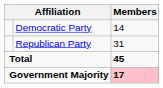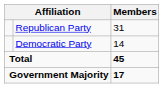 <table class="wikitable">
 <tr>
 <th colspan="2">Affiliation</th>
 <th>Members</th>
 </tr>
 <tr>
 <td style="background-color:"> </td>
-<td><a href='#'>Democratic Party</a></td>
-<td>14</td>
+<td><a href='#'>Republican Party</a></td>
+<td>31</td>
 </tr>
 <tr>
 <td style="background-color:"> </td>
-<td><a href='#'>Republican Party</a></td>
-<td>31</td>
+<td><a href='#'>Democratic Party</a></td>
+<td>14</td>
 </tr>
 <tr>
 <td colspan="2" rowspan="1"> <strong>Total</strong><br></td>
 <td><strong>45</strong></td>
 </tr>
 <tr>
 <td colspan="2" rowspan="1"> <strong>Government Majority</strong><br></td>
-<td style="background: pink;"><strong>17</strong></td>
+<td><strong>17</strong></td>
 </tr>
 </table>
